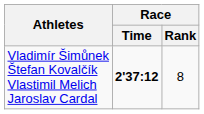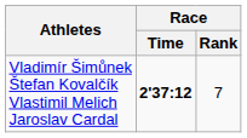 <table class="wikitable" border="1" style="font-size:90%">
 <tr>
 <th rowspan=2>Athletes</th>
 <th colspan=2>Race</th>
 </tr>
 <tr>
 <th>Time</th>
 <th>Rank</th>
 </tr>
 <tr>
 <td><a href='#'>Vladimír Šimůnek</a><br><a href='#'>Štefan Kovalčík</a><br><a href='#'>Vlastimil Melich</a><br><a href='#'>Jaroslav Cardal</a></td>
 <td align=center><strong>2'37:12</strong></td>
-<td align=center>8</td>
+<td align=center>7</td>
 </tr>
 </table>
